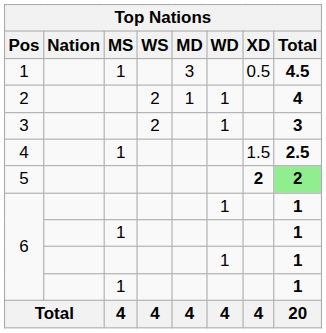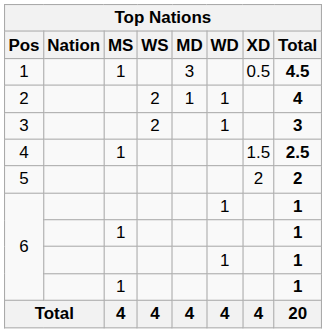 <table class="wikitable" style="text-align:center">
 <tr>
 <th colspan="10">Top Nations</th>
 </tr>
 <tr>
 <th>Pos</th>
 <th>Nation</th>
 <th>MS</th>
 <th>WS</th>
 <th>MD</th>
 <th>WD</th>
 <th>XD</th>
 <th>Total</th>
 </tr>
 <tr>
 <td>1</td>
 <td align="left"></td>
 <td>1</td>
 <td></td>
 <td>3</td>
 <td></td>
 <td>0.5</td>
 <td><strong>4.5</strong></td>
 </tr>
 <tr>
 <td>2</td>
 <td align="left"></td>
 <td></td>
 <td>2</td>
 <td>1</td>
 <td>1</td>
 <td></td>
 <td><strong>4</strong></td>
 </tr>
 <tr>
 <td>3</td>
 <td align="left"></td>
 <td></td>
 <td>2</td>
 <td></td>
 <td>1</td>
 <td></td>
 <td><strong>3</strong></td>
 </tr>
 <tr>
 <td>4</td>
 <td align="left"></td>
 <td>1</td>
 <td></td>
 <td></td>
 <td></td>
 <td>1.5</td>
 <td><strong>2.5</strong></td>
 </tr>
 <tr>
 <td>5</td>
 <td align="left"></td>
 <td></td>
 <td></td>
 <td></td>
 <td></td>
+<td>2</td>
 <td><strong>2</strong></td>
-<td style="background: lightgreen;"><strong>2</strong></td>
 </tr>
 <tr>
 <td rowspan="4">6</td>
 <td align="left"></td>
 <td></td>
 <td></td>
 <td></td>
 <td>1</td>
 <td></td>
 <td><strong>1</strong></td>
 </tr>
 <tr>
 <td align="left"></td>
 <td>1</td>
 <td></td>
 <td></td>
 <td></td>
 <td></td>
 <td><strong>1</strong></td>
 </tr>
 <tr>
 <td align="left"></td>
 <td></td>
 <td></td>
 <td></td>
 <td>1</td>
 <td></td>
 <td><strong>1</strong></td>
 </tr>
 <tr>
 <td align="left"></td>
 <td>1</td>
 <td></td>
 <td></td>
 <td></td>
 <td></td>
 <td><strong>1</strong></td>
 </tr>
 <tr>
 <th colspan="2">Total</th>
 <th>4</th>
 <th>4</th>
 <th>4</th>
 <th>4</th>
 <th>4</th>
 <th><strong>20</strong></th>
 </tr>
 </table>
